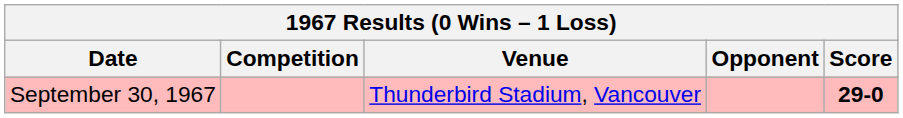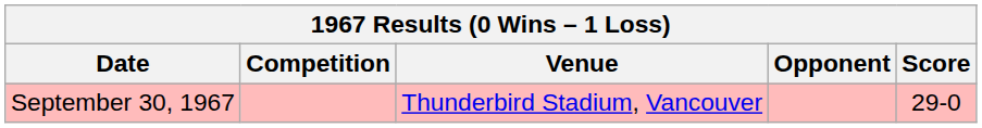 <table class="wikitable sortable">
 <tr>
 <th colspan="5"><strong>1967 Results (0 Wins – 1 Loss)</strong></th>
 </tr>
 <tr>
 <th>Date</th>
 <th>Competition</th>
 <th>Venue</th>
 <th>Opponent</th>
 <th>Score</th>
 </tr>
 <tr style="background:#fbb;">
 <td align=center>September 30, 1967</td>
 <td align=center></td>
 <td align=center><a href='#'>Thunderbird Stadium</a>, <a href='#'>Vancouver</a></td>
 <td></td>
-<td align=center><strong>29-0</strong></td>
+<td align=center>29-0</td>
 </tr>
 </table>
